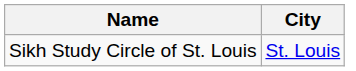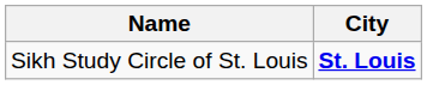 <table class="wikitable sortable">
 <tr>
 <th>Name</th>
 <th>City</th>
 </tr>
 <tr>
 <td>Sikh Study Circle of St. Louis</td>
-<td><a href='#'>St. Louis</a></td>
+<td><strong><a href='#'>St. Louis</a></strong></td>
 </tr>
 </table>
